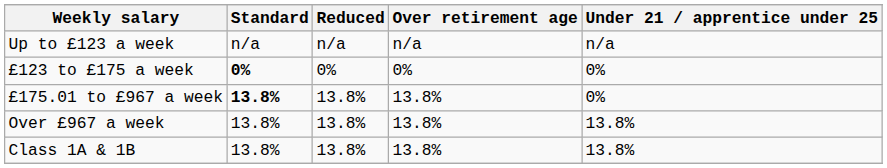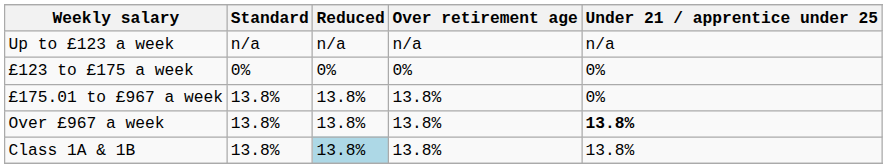 <table class="wikitable">
 <tr>
 </tr>
 <tr>
 <th>Weekly salary</th>
 <th>Standard</th>
 <th>Reduced</th>
 <th>Over retirement age</th>
 <th>Under 21 / apprentice under 25</th>
 </tr>
 <tr>
 <td>Up to £123 a week</td>
 <td>n/a</td>
 <td>n/a</td>
 <td>n/a</td>
 <td>n/a</td>
 </tr>
 <tr>
 <td>£123 to £175 a week</td>
-<td><strong>0%</strong></td>
+<td>0%</td>
 <td>0%</td>
 <td>0%</td>
 <td>0%</td>
 </tr>
 <tr>
 <td>£175.01 to £967 a week</td>
-<td><strong>13.8%</strong></td>
+<td>13.8%</td>
 <td>13.8%</td>
 <td>13.8%</td>
 <td>0%</td>
 </tr>
 <tr>
 <td>Over £967 a week</td>
 <td>13.8%</td>
 <td>13.8%</td>
 <td>13.8%</td>
-<td>13.8%</td>
+<td><strong>13.8%</strong></td>
 </tr>
 <tr>
 <td>Class 1A & 1B</td>
 <td>13.8%</td>
-<td>13.8%</td>
+<td style="background: lightblue;">13.8%</td>
 <td>13.8%</td>
 <td>13.8%</td>
 </tr>
 <tr>
 </tr>
 </table>
